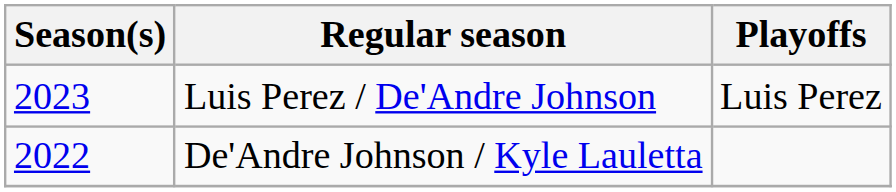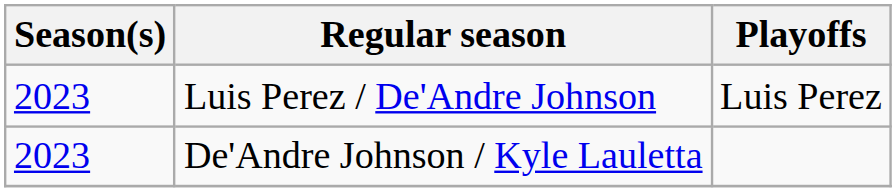 <table class="wikitable">
 <tr>
 <th>Season(s)</th>
 <th>Regular season</th>
 <th>Playoffs</th>
 </tr>
 <tr>
 <td><a href='#'>2023</a></td>
 <td>Luis Perez  / <a href='#'>De'Andre Johnson</a> </td>
 <td>Luis Perez </td>
 </tr>
 <tr>
-<td><a href='#'>2022</a></td>
+<td><a href='#'>2023</a></td>
 <td>De'Andre Johnson  / <a href='#'>Kyle Lauletta</a> </td>
 <td></td>
 </tr>
 <tr>
 </tr>
 </table>
